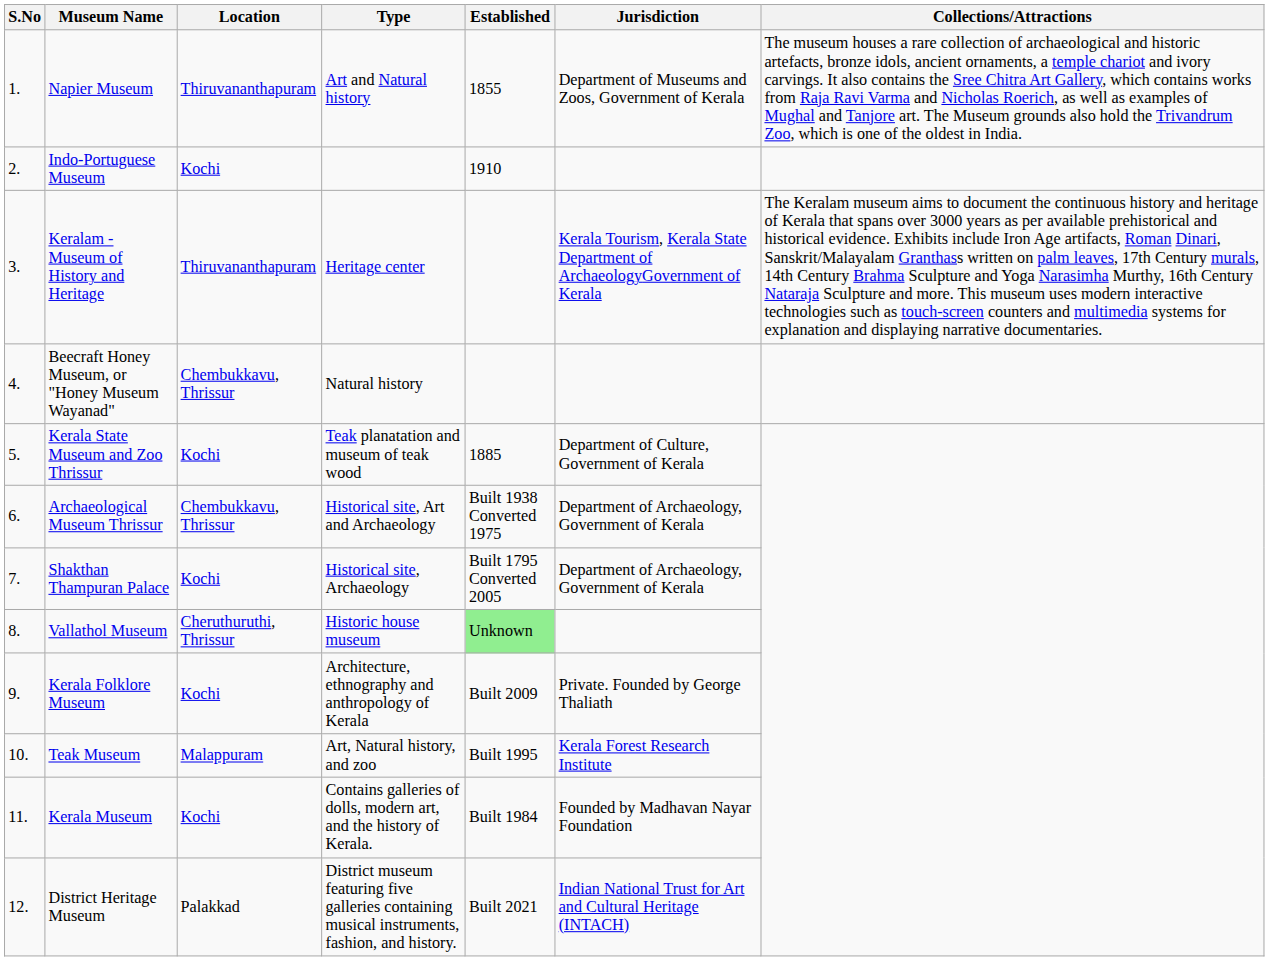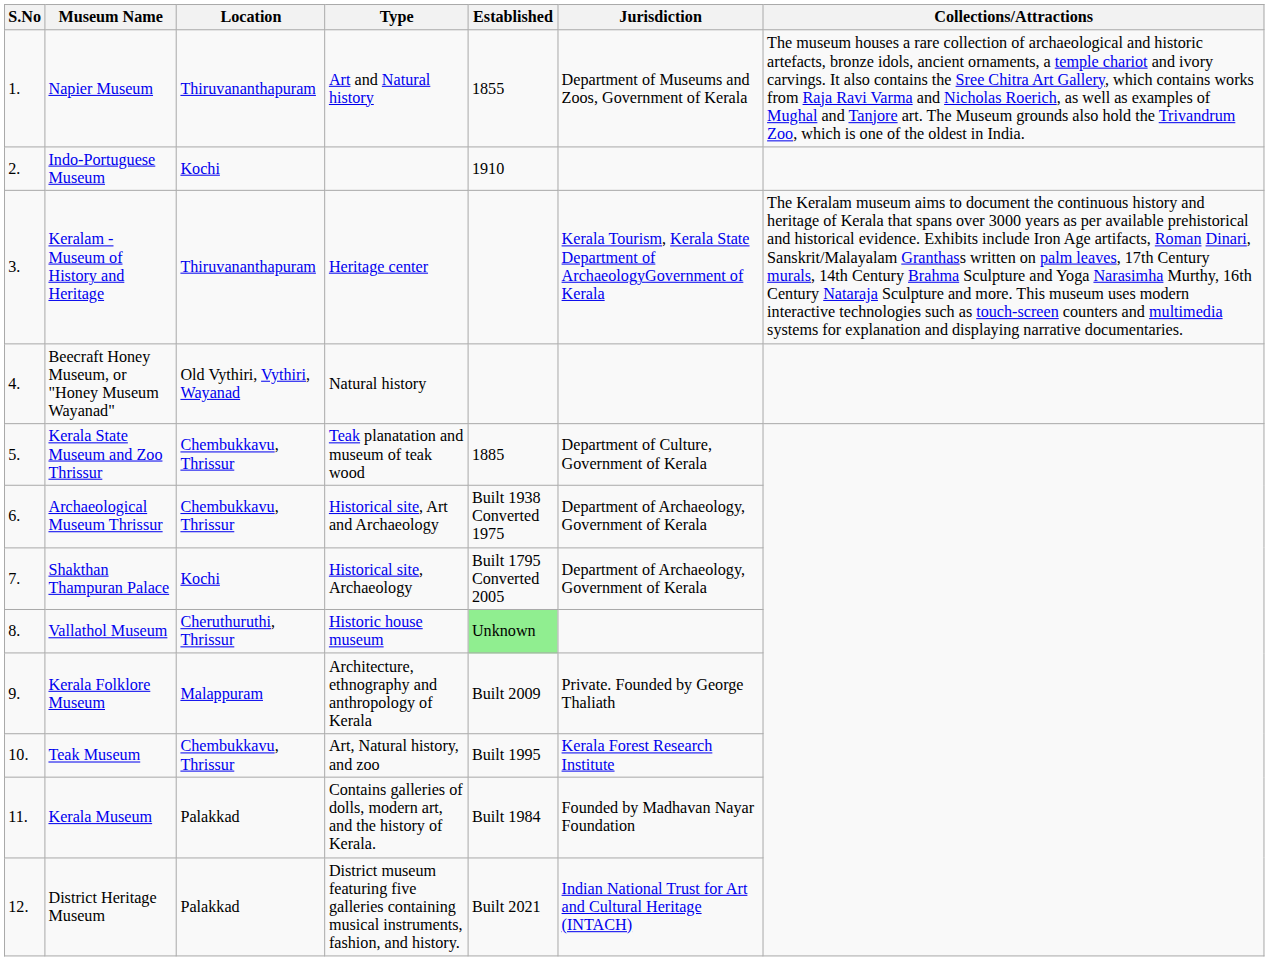 <table class="wikitable sortable">
 <tr>
 <th>S.No</th>
 <th>Museum Name</th>
 <th>Location</th>
 <th>Type </th>
 <th>Established</th>
 <th>Jurisdiction</th>
 <th>Collections/Attractions</th>
 </tr>
 <tr>
 <td>1.</td>
 <td><a href='#'>Napier Museum</a><br></td>
 <td><a href='#'>Thiruvananthapuram</a></td>
 <td><a href='#'>Art</a> and <a href='#'>Natural history</a></td>
 <td>1855</td>
 <td>Department of Museums and Zoos, Government of Kerala</td>
 <td>The museum houses a rare collection of archaeological and historic artefacts, bronze idols, ancient ornaments, a <a href='#'>temple chariot</a> and ivory carvings.  It also contains the <a href='#'>Sree Chitra Art Gallery</a>, which contains works from <a href='#'>Raja Ravi Varma</a> and <a href='#'>Nicholas Roerich</a>, as well as examples of <a href='#'>Mughal</a> and <a href='#'>Tanjore</a> art. The Museum grounds also hold the <a href='#'>Trivandrum Zoo</a>, which is one of the oldest in India.</td>
 </tr>
 <tr>
 <td>2.</td>
 <td><a href='#'>Indo-Portuguese Museum</a></td>
 <td><a href='#'>Kochi</a></td>
 <td></td>
 <td>1910</td>
 <td></td>
 <td></td>
 </tr>
 <tr>
 <td>3.</td>
 <td><a href='#'>Keralam - Museum of History and Heritage</a><br> </td>
 <td><a href='#'>Thiruvananthapuram</a></td>
 <td><a href='#'>Heritage center</a></td>
 <td></td>
 <td><a href='#'>Kerala Tourism</a>, <a href='#'>Kerala State Department of Archaeology</a><a href='#'>Government of Kerala</a></td>
 <td>The Keralam museum aims to document the continuous history and heritage of Kerala that spans over 3000 years as per available prehistorical and historical evidence. Exhibits include Iron Age artifacts, <a href='#'>Roman</a> <a href='#'>Dinari</a>, Sanskrit/Malayalam <a href='#'>Granthas</a>s written on <a href='#'>palm leaves</a>, 17th Century <a href='#'>murals</a>, 14th Century <a href='#'>Brahma</a> Sculpture and Yoga <a href='#'>Narasimha</a> Murthy, 16th Century <a href='#'>Nataraja</a> Sculpture and more. This museum uses modern interactive technologies such as <a href='#'>touch-screen</a> counters and <a href='#'>multimedia</a> systems for explanation and displaying narrative documentaries.</td>
 </tr>
 <tr id="Beecraft Honey Museum">
 <td>4.</td>
 <td>Beecraft Honey Museum, or "Honey Museum Wayanad"</td>
-<td><a href='#'>Chembukkavu</a>, <a href='#'>Thrissur</a></td>
+<td>Old Vythiri, <a href='#'>Vythiri</a>, <a href='#'>Wayanad</a></td>
 <td>Natural history</td>
 <td></td>
 <td></td>
 <td></td>
 </tr>
 <tr>
 <td>5.</td>
 <td><a href='#'>Kerala State Museum and Zoo Thrissur</a></td>
-<td><a href='#'>Kochi</a></td>
+<td><a href='#'>Chembukkavu</a>, <a href='#'>Thrissur</a></td>
 <td><a href='#'>Teak</a> planatation and museum of teak wood</td>
 <td>1885</td>
 <td>Department of Culture, Government of Kerala</td>
 </tr>
 <tr>
 <td>6.</td>
 <td><a href='#'>Archaeological Museum Thrissur</a></td>
 <td><a href='#'>Chembukkavu</a>, <a href='#'>Thrissur</a></td>
 <td><a href='#'>Historical site</a>, Art and Archaeology</td>
 <td>Built 1938<br>Converted 1975</td>
 <td>Department of Archaeology, Government of Kerala</td>
 </tr>
 <tr>
 <td>7.</td>
 <td><a href='#'>Shakthan Thampuran Palace</a></td>
 <td><a href='#'>Kochi</a></td>
 <td><a href='#'>Historical site</a>, Archaeology</td>
 <td>Built 1795<br>Converted 2005</td>
 <td>Department of Archaeology, Government of Kerala</td>
 </tr>
 <tr>
 <td>8.</td>
 <td><a href='#'>Vallathol Museum</a></td>
 <td><a href='#'>Cheruthuruthi</a>, <a href='#'>Thrissur</a></td>
 <td><a href='#'>Historic house museum</a></td>
 <td style="background: lightgreen;">Unknown</td>
 <td></td>
 </tr>
 <tr>
 <td>9.</td>
 <td><a href='#'>Kerala Folklore Museum</a></td>
-<td><a href='#'>Kochi</a></td>
+<td><a href='#'>Malappuram</a></td>
 <td>Architecture, ethnography and anthropology of Kerala</td>
 <td>Built 2009</td>
 <td>Private. Founded by George Thaliath</td>
 </tr>
 <tr>
 <td>10.</td>
 <td><a href='#'>Teak Museum</a></td>
-<td><a href='#'>Malappuram</a></td>
+<td><a href='#'>Chembukkavu</a>, <a href='#'>Thrissur</a></td>
 <td>Art, Natural history, and zoo</td>
 <td>Built 1995</td>
 <td><a href='#'>Kerala Forest Research Institute</a></td>
 </tr>
 <tr>
 <td>11.</td>
 <td><a href='#'>Kerala Museum</a></td>
-<td><a href='#'>Kochi</a></td>
+<td>Palakkad</td>
 <td>Contains galleries of dolls, modern art, and the history of Kerala.</td>
 <td>Built 1984</td>
 <td>Founded by Madhavan Nayar Foundation</td>
 </tr>
 <tr>
 <td>12.</td>
 <td>District Heritage Museum</td>
 <td>Palakkad</td>
 <td>District museum featuring five galleries containing musical instruments, fashion, and history.</td>
 <td>Built 2021</td>
 <td><a href='#'>Indian National Trust for Art and Cultural Heritage (INTACH)</a></td>
 </tr>
 </table>
